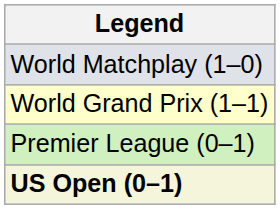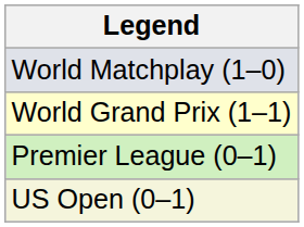 <table class="wikitable">
 <tr>
 <th>Legend</th>
 </tr>
 <tr style="background:#dfe2e9;">
 <td>World Matchplay (1–0)</td>
 </tr>
 <tr style="background:#ffc;">
 <td>World Grand Prix (1–1)</td>
 </tr>
 <tr style="background:#d0f0c0;">
 <td>Premier League (0–1)</td>
 </tr>
 <tr bgcolor="beige">
-<td><strong>US Open (0–1)</strong></td>
+<td>US Open (0–1)</td>
 </tr>
 </table>
